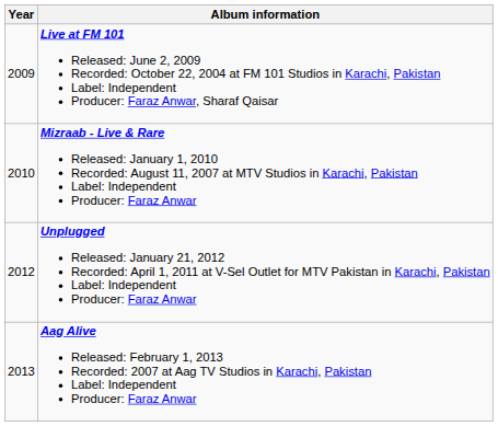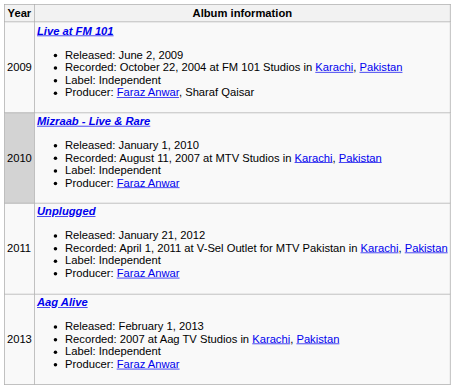 <table class="wikitable">
 <tr>
 <th>Year</th>
 <th>Album information</th>
 </tr>
 <tr>
 <td>2009</td>
 <td><strong><em><a href='#'>Live at FM 101</a></em></strong><br><ul><li>Released: June 2, 2009</li><li>Recorded: October 22, 2004 at FM 101 Studios in <a href='#'>Karachi</a>, <a href='#'>Pakistan</a></li><li>Label: Independent</li><li>Producer: <a href='#'>Faraz Anwar</a>, Sharaf Qaisar</li></ul></td>
 </tr>
 <tr>
-<td>2010</td>
+<td style="background: lightgrey;">2010</td>
 <td><strong><em><a href='#'>Mizraab - Live & Rare</a></em></strong><br><ul><li>Released: January 1, 2010</li><li>Recorded: August 11, 2007 at MTV Studios in <a href='#'>Karachi</a>, <a href='#'>Pakistan</a></li><li>Label: Independent</li><li>Producer: <a href='#'>Faraz Anwar</a></li></ul></td>
 </tr>
 <tr>
-<td>2012</td>
+<td>2011</td>
 <td><strong><em><a href='#'>Unplugged</a></em></strong><br><ul><li>Released: January 21, 2012</li><li>Recorded: April 1, 2011 at V-Sel Outlet for MTV Pakistan in <a href='#'>Karachi</a>, <a href='#'>Pakistan</a></li><li>Label: Independent</li><li>Producer: <a href='#'>Faraz Anwar</a></li></ul></td>
 </tr>
 <tr>
 <td>2013</td>
 <td><strong><em><a href='#'>Aag Alive</a></em></strong><br><ul><li>Released: February 1, 2013</li><li>Recorded: 2007 at Aag TV Studios in <a href='#'>Karachi</a>, <a href='#'>Pakistan</a></li><li>Label: Independent</li><li>Producer: <a href='#'>Faraz Anwar</a></li></ul></td>
 </tr>
 </table>
